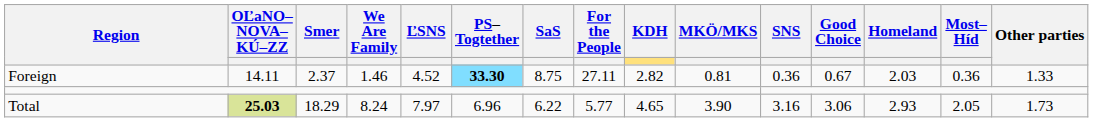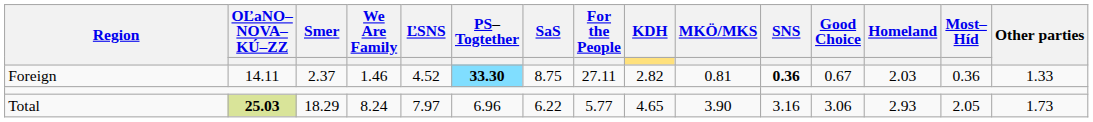 <table class="wikitable sortable nowrap" style="text-align:center;font-size:90%;line-height:14px">
 <tr>
 <th style="width:200px;" rowspan="2"><a href='#'>Region</a></th>
 <th style="width:40px;"><a href='#'>OĽaNO–NOVA–KÚ–ZZ</a></th>
 <th style="width:40px;"><a href='#'>Smer</a></th>
 <th style="width:40px;"><a href='#'>We Are Family</a></th>
 <th style="width:40px;"><a href='#'>ĽSNS</a></th>
 <th style="width:40px;"><a href='#'>PS</a>–<a href='#'>Togtether</a></th>
 <th style="width:40px;"><a href='#'>SaS</a></th>
 <th style="width:40px;"><a href='#'>For the People</a></th>
 <th style="width:40px;"><a href='#'>KDH</a></th>
 <th style="width:40px;"><a href='#'>MKÖ/MKS</a></th>
 <th style="width:40px;"><a href='#'>SNS</a></th>
 <th style="width:40px;"><a href='#'>Good Choice</a></th>
 <th style="width:40px;"><a href='#'>Homeland</a></th>
 <th style="width:40px;"><a href='#'>Most–Híd</a></th>
 <th class="unsortable" style="width:40px;" rowspan="2">Other parties</th>
 </tr>
 <tr>
 <th style="background:"></th>
 <th style="background:"></th>
 <th style="background:"></th>
 <th style="background:"></th>
 <th style="background:"></th>
 <th style="background:"></th>
 <th style="background:"></th>
 <th style="background:#FFE17C"></th>
 <th style="background:"></th>
 <th style="background:"></th>
 <th style="background:"></th>
 <th style="background:"></th>
 <th style="background:"></th>
 </tr>
 <tr>
 <td align="left">Foreign</td>
 <td>14.11</td>
 <td>2.37</td>
 <td>1.46</td>
 <td>4.52</td>
 <td style="background:#80deff;"><strong>33.30</strong></td>
 <td>8.75</td>
 <td>27.11</td>
 <td>2.82</td>
 <td>0.81</td>
-<td>0.36</td>
+<td><strong>0.36</strong></td>
 <td>0.67</td>
 <td>2.03</td>
 <td>0.36</td>
 <td>1.33</td>
 </tr>
 <tr>
 <td colspan=10></td>
 </tr>
 <tr>
 <td align="left">Total</td>
 <td style="background:#d9e499;"><strong>25.03</strong></td>
 <td>18.29</td>
 <td>8.24</td>
 <td>7.97</td>
 <td>6.96</td>
 <td>6.22</td>
 <td>5.77</td>
 <td>4.65</td>
 <td>3.90</td>
 <td>3.16</td>
 <td>3.06</td>
 <td>2.93</td>
 <td>2.05</td>
 <td>1.73</td>
 </tr>
 </table>
